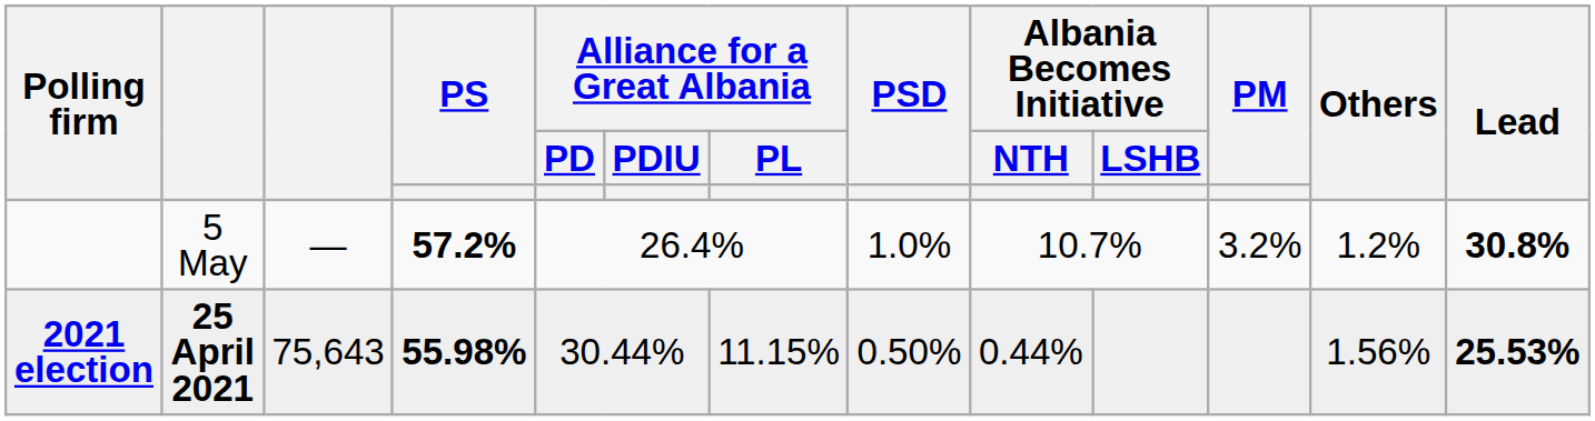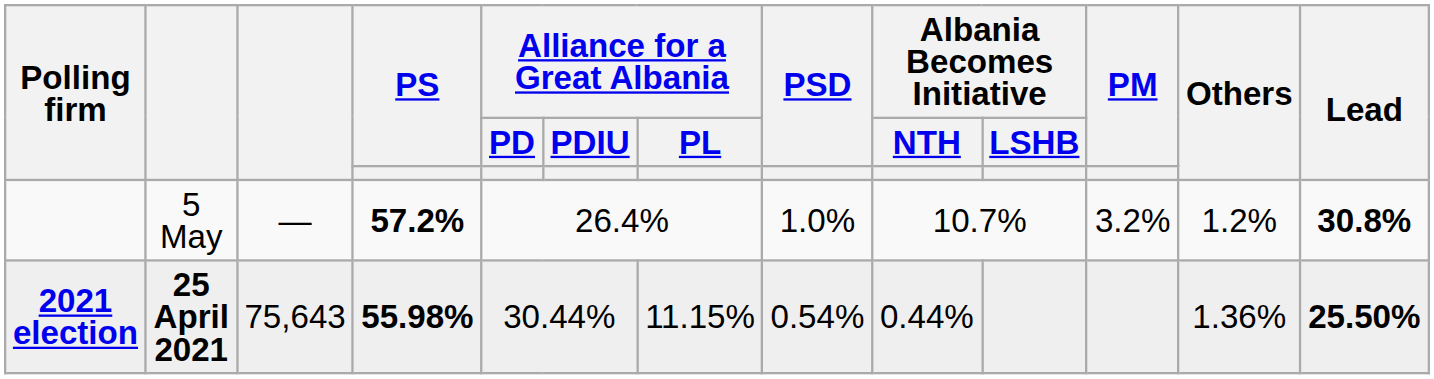 <table class="wikitable sortable tpl-blanktablele" style="text-align:center;font-size:90%;line-height:14px;">
 <tr style="height:40px;">
 <th rowspan="3">Polling firm</th>
 <th rowspan="3"></th>
 <th rowspan="3"></th>
 <th class="unsortable" style="width:40px;" rowspan=2><a href='#'>PS</a></th>
 <th colspan=3><a href='#'>Alliance for a Great Albania</a></th>
 <th class="unsortable" style="width:40px;" rowspan=2><a href='#'>PSD</a></th>
 <th colspan=2>Albania Becomes Initiative</th>
 <th rowspan="2" class="unsortable" style="width:30px;"><a href='#'>PM</a></th>
 <th class="unsortable" style="width:30px;"  rowspan=3>Others</th>
 <th style="width:30px;" rowspan=3><br>Lead</th>
 </tr>
 <tr>
 <th><a href='#'>PD</a></th>
 <th><a href='#'>PDIU</a></th>
 <th><a href='#'>PL</a></th>
 <th><a href='#'>NTH</a></th>
 <th><a href='#'>LSHB</a></th>
 </tr>
 <tr>
 <th style="background:"></th>
 <th style="background:"></th>
 <th style="background:"></th>
 <th style="background:"></th>
 <th style="background:"></th>
 <th style="background:"></th>
 <th style="background:"></th>
 <th style="background:"></th>
 </tr>
 <tr>
 <td></td>
 <td>5 May</td>
 <td>—</td>
 <td><strong>57.2%</strong><br> </td>
 <td colspan="3">26.4%<br> </td>
 <td>1.0%<br> </td>
 <td colspan="2">10.7%<br> </td>
 <td>3.2%<br> </td>
 <td>1.2%</td>
 <td style="background:"><strong>30.8%</strong></td>
 </tr>
 <tr style="background:#EFEFEF">
 <td><strong><a href='#'>2021 election</a></strong></td>
 <td><strong>25 April 2021</strong></td>
 <td>75,643</td>
 <td><strong>55.98%</strong> <br> </td>
 <td colspan="2">30.44%<br> </td>
 <td>11.15%<br> </td>
-<td>0.50%<br> </td>
+<td>0.54%<br> </td>
 <td>0.44%<br> </td>
 <td></td>
 <td></td>
-<td>1.56%</td>
-<td style="background:"><strong>25.53%</strong></td>
+<td>1.36%</td>
+<td style="background:"><strong>25.50%</strong></td>
 </tr>
 </table>
